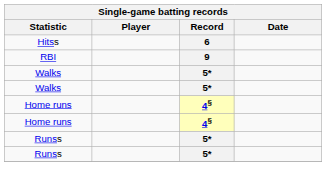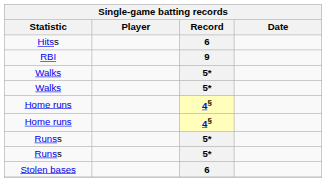 <table class="wikitable sortable" style="text-align:center" width="60%">
 <tr>
 <th colspan=4>Single-game batting records</th>
 </tr>
 <tr>
 <th scope="col" width=18%>Statistic</th>
 <th scope="col" width=18%>Player</th>
 <th scope="col" width=10% class="unsortable">Record</th>
 <th scope="col" width=18%>Date</th>
 </tr>
 <tr>
 <td><a href='#'>Hits</a>s</td>
 <td></td>
 <th scope="row">6</th>
 <td></td>
 </tr>
 <tr>
 <td><a href='#'>RBI</a></td>
 <td></td>
 <th scope="row">9</th>
 <td></td>
 </tr>
 <tr>
 <td><a href='#'>Walks</a></td>
 <td></td>
 <th scope="row">5*</th>
 <td></td>
 </tr>
 <tr>
 <td><a href='#'>Walks</a></td>
 <td></td>
 <th scope="row">5*</th>
 <td></td>
 </tr>
 <tr>
 <td><a href='#'>Home runs</a></td>
 <td></td>
 <th scope="row" style="background-color:#ffffbb"><a href='#'>4</a><sup>§</sup></th>
 <td></td>
 </tr>
 <tr>
 <td><a href='#'>Home runs</a></td>
 <td></td>
 <th scope="row" style="background-color:#ffffbb"><a href='#'>4</a><sup>§</sup></th>
 <td></td>
 </tr>
 <tr>
 <td><a href='#'>Runs</a>s</td>
 <td></td>
 <th scope="row">5*</th>
 <td></td>
 </tr>
 <tr>
 <td><a href='#'>Runs</a>s</td>
 <td></td>
 <th scope="row">5*</th>
 <td></td>
 </tr>
 <tr>
+<td><a href='#'>Stolen bases</a></td>
+<td></td>
+<th scope="row">6</th>
+<td></td>
+</tr>
+<tr>
 </tr>
 </table>
